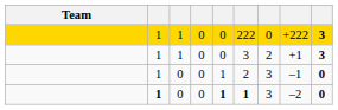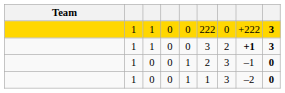 <table class="wikitable" style="text-align: center;">
 <tr>
 <th style="width:175px;">Team</th>
 <th width="20"></th>
 <th width="20"></th>
 <th width="20"></th>
 <th width="20"></th>
 <th width="20"></th>
 <th width="20"></th>
 <th width="20"></th>
 <th width="20"></th>
 </tr>
 <tr style="background:gold;">
 <td align=left></td>
 <td>1</td>
 <td>1</td>
 <td>0</td>
 <td>0</td>
 <td>222</td>
 <td>0</td>
 <td>+222</td>
 <td><strong>3</strong></td>
 </tr>
 <tr bgcolor="">
 <td align=left></td>
 <td>1</td>
 <td>1</td>
 <td>0</td>
 <td>0</td>
 <td>3</td>
 <td>2</td>
-<td>+1</td>
+<td><strong>+1</strong></td>
 <td><strong>3</strong></td>
 </tr>
 <tr bgcolor="">
 <td align=left></td>
 <td>1</td>
 <td>0</td>
 <td>0</td>
 <td>1</td>
 <td>2</td>
 <td>3</td>
 <td>–1</td>
 <td><strong>0</strong></td>
 </tr>
 <tr bgcolor="">
 <td align=left></td>
-<td><strong>1</strong></td>
+<td>1</td>
 <td>0</td>
 <td>0</td>
-<td><strong>1</strong></td>
-<td><strong>1</strong></td>
+<td>1</td>
+<td>1</td>
 <td>3</td>
 <td>–2</td>
 <td><strong>0</strong></td>
 </tr>
 </table>
